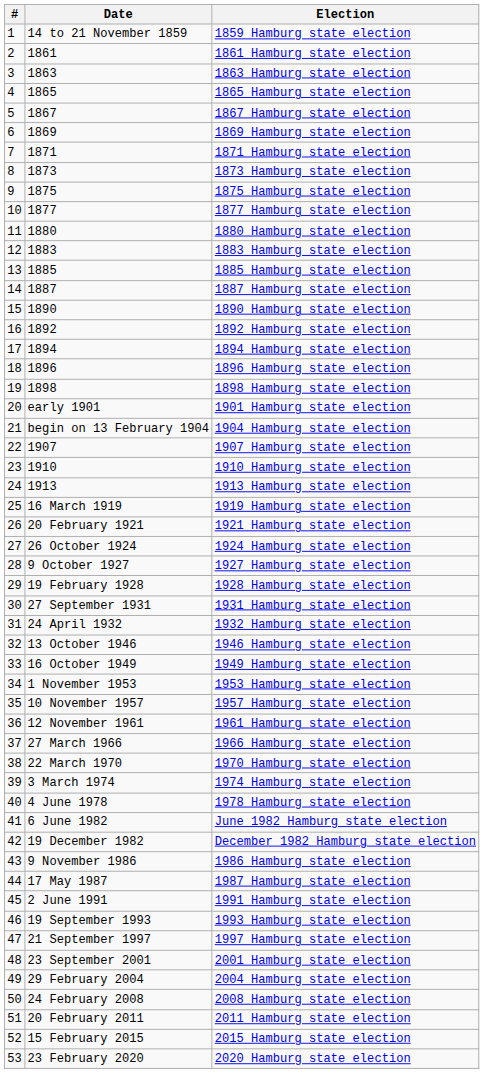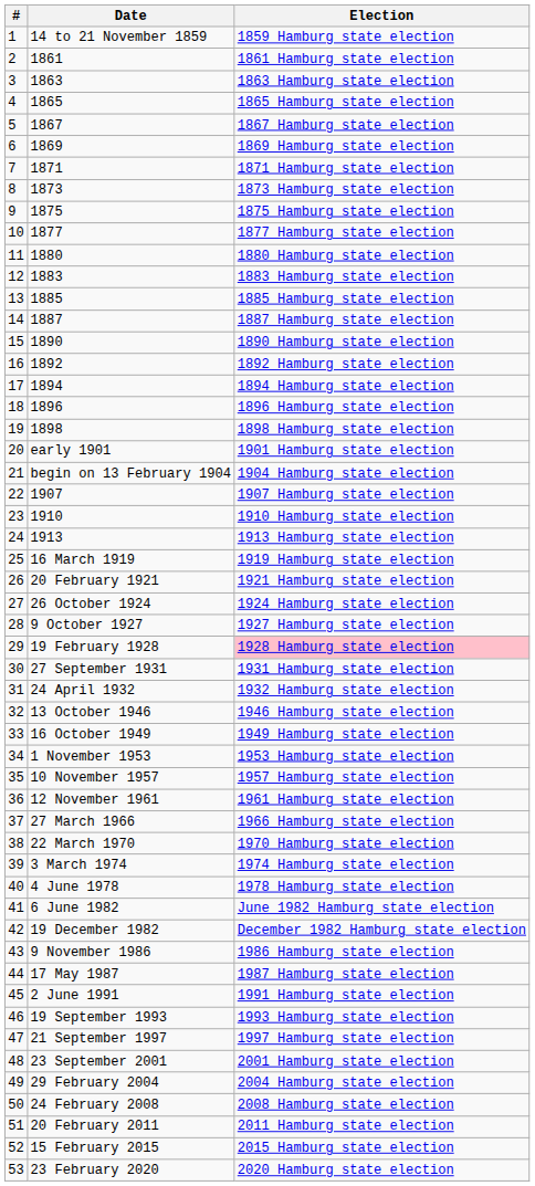 <table class="wikitable">
 <tr>
 <th>#</th>
 <th>Date</th>
 <th>Election</th>
 </tr>
 <tr>
 <td>1</td>
 <td>14 to 21 November 1859</td>
 <td><a href='#'>1859 Hamburg state election</a></td>
 </tr>
 <tr>
 <td>2</td>
 <td>1861</td>
 <td><a href='#'>1861 Hamburg state election</a></td>
 </tr>
 <tr>
 <td>3</td>
 <td>1863</td>
 <td><a href='#'>1863 Hamburg state election</a></td>
 </tr>
 <tr>
 <td>4</td>
 <td>1865</td>
 <td><a href='#'>1865 Hamburg state election</a></td>
 </tr>
 <tr>
 <td>5</td>
 <td>1867</td>
 <td><a href='#'>1867 Hamburg state election</a></td>
 </tr>
 <tr>
 <td>6</td>
 <td>1869</td>
 <td><a href='#'>1869 Hamburg state election</a></td>
 </tr>
 <tr>
 <td>7</td>
 <td>1871</td>
 <td><a href='#'>1871 Hamburg state election</a></td>
 </tr>
 <tr>
 <td>8</td>
 <td>1873</td>
 <td><a href='#'>1873 Hamburg state election</a></td>
 </tr>
 <tr>
 <td>9</td>
 <td>1875</td>
 <td><a href='#'>1875 Hamburg state election</a></td>
 </tr>
 <tr>
 <td>10</td>
 <td>1877</td>
 <td><a href='#'>1877 Hamburg state election</a></td>
 </tr>
 <tr>
 <td>11</td>
 <td>1880</td>
 <td><a href='#'>1880 Hamburg state election</a></td>
 </tr>
 <tr>
 <td>12</td>
 <td>1883</td>
 <td><a href='#'>1883 Hamburg state election</a></td>
 </tr>
 <tr>
 <td>13</td>
 <td>1885</td>
 <td><a href='#'>1885 Hamburg state election</a></td>
 </tr>
 <tr>
 <td>14</td>
 <td>1887</td>
 <td><a href='#'>1887 Hamburg state election</a></td>
 </tr>
 <tr>
 <td>15</td>
 <td>1890</td>
 <td><a href='#'>1890 Hamburg state election</a></td>
 </tr>
 <tr>
 <td>16</td>
 <td>1892</td>
 <td><a href='#'>1892 Hamburg state election</a></td>
 </tr>
 <tr>
 <td>17</td>
 <td>1894</td>
 <td><a href='#'>1894 Hamburg state election</a></td>
 </tr>
 <tr>
 <td>18</td>
 <td>1896</td>
 <td><a href='#'>1896 Hamburg state election</a></td>
 </tr>
 <tr>
 <td>19</td>
 <td>1898</td>
 <td><a href='#'>1898 Hamburg state election</a></td>
 </tr>
 <tr>
 <td>20</td>
 <td>early 1901</td>
 <td><a href='#'>1901 Hamburg state election</a></td>
 </tr>
 <tr>
 <td>21</td>
 <td>begin on 13 February 1904</td>
 <td><a href='#'>1904 Hamburg state election</a></td>
 </tr>
 <tr>
 <td>22</td>
 <td>1907</td>
 <td><a href='#'>1907 Hamburg state election</a></td>
 </tr>
 <tr>
 <td>23</td>
 <td>1910</td>
 <td><a href='#'>1910 Hamburg state election</a></td>
 </tr>
 <tr>
 <td>24</td>
 <td>1913</td>
 <td><a href='#'>1913 Hamburg state election</a></td>
 </tr>
 <tr>
 <td>25</td>
 <td>16 March 1919</td>
 <td><a href='#'>1919 Hamburg state election</a></td>
 </tr>
 <tr>
 <td>26</td>
 <td>20 February 1921</td>
 <td><a href='#'>1921 Hamburg state election</a></td>
 </tr>
 <tr>
 <td>27</td>
 <td>26 October 1924</td>
 <td><a href='#'>1924 Hamburg state election</a></td>
 </tr>
 <tr>
 <td>28</td>
 <td>9 October 1927</td>
 <td><a href='#'>1927 Hamburg state election</a></td>
 </tr>
 <tr>
 <td>29</td>
 <td>19 February 1928</td>
-<td><a href='#'>1928 Hamburg state election</a></td>
+<td style="background: pink;"><a href='#'>1928 Hamburg state election</a></td>
 </tr>
 <tr>
 <td>30</td>
 <td>27 September 1931</td>
 <td><a href='#'>1931 Hamburg state election</a></td>
 </tr>
 <tr>
 <td>31</td>
 <td>24 April 1932</td>
 <td><a href='#'>1932 Hamburg state election</a></td>
 </tr>
 <tr>
 <td>32</td>
 <td>13 October 1946</td>
 <td><a href='#'>1946 Hamburg state election</a></td>
 </tr>
 <tr>
 <td>33</td>
 <td>16 October 1949</td>
 <td><a href='#'>1949 Hamburg state election</a></td>
 </tr>
 <tr>
 <td>34</td>
 <td>1 November 1953</td>
 <td><a href='#'>1953 Hamburg state election</a></td>
 </tr>
 <tr>
 <td>35</td>
 <td>10 November 1957</td>
 <td><a href='#'>1957 Hamburg state election</a></td>
 </tr>
 <tr>
 <td>36</td>
 <td>12 November 1961</td>
 <td><a href='#'>1961 Hamburg state election</a></td>
 </tr>
 <tr>
 <td>37</td>
 <td>27 March 1966</td>
 <td><a href='#'>1966 Hamburg state election</a></td>
 </tr>
 <tr>
 <td>38</td>
 <td>22 March 1970</td>
 <td><a href='#'>1970 Hamburg state election</a></td>
 </tr>
 <tr>
 <td>39</td>
 <td>3 March 1974</td>
 <td><a href='#'>1974 Hamburg state election</a></td>
 </tr>
 <tr>
 <td>40</td>
 <td>4 June 1978</td>
 <td><a href='#'>1978 Hamburg state election</a></td>
 </tr>
 <tr>
 <td>41</td>
 <td>6 June 1982</td>
 <td><a href='#'>June 1982 Hamburg state election</a></td>
 </tr>
 <tr>
 <td>42</td>
 <td>19 December 1982</td>
 <td><a href='#'>December 1982 Hamburg state election</a></td>
 </tr>
 <tr>
 <td>43</td>
 <td>9 November 1986</td>
 <td><a href='#'>1986 Hamburg state election</a></td>
 </tr>
 <tr>
 <td>44</td>
 <td>17 May 1987</td>
 <td><a href='#'>1987 Hamburg state election</a></td>
 </tr>
 <tr>
 <td>45</td>
 <td>2 June 1991</td>
 <td><a href='#'>1991 Hamburg state election</a></td>
 </tr>
 <tr>
 <td>46</td>
 <td>19 September 1993</td>
 <td><a href='#'>1993 Hamburg state election</a></td>
 </tr>
 <tr>
 <td>47</td>
 <td>21 September 1997</td>
 <td><a href='#'>1997 Hamburg state election</a></td>
 </tr>
 <tr>
 <td>48</td>
 <td>23 September 2001</td>
 <td><a href='#'>2001 Hamburg state election</a></td>
 </tr>
 <tr>
 <td>49</td>
 <td>29 February 2004</td>
 <td><a href='#'>2004 Hamburg state election</a></td>
 </tr>
 <tr>
 <td>50</td>
 <td>24 February 2008</td>
 <td><a href='#'>2008 Hamburg state election</a></td>
 </tr>
 <tr>
 <td>51</td>
 <td>20 February 2011</td>
 <td><a href='#'>2011 Hamburg state election</a></td>
 </tr>
 <tr>
 <td>52</td>
 <td>15 February 2015</td>
 <td><a href='#'>2015 Hamburg state election</a></td>
 </tr>
 <tr>
 <td>53</td>
 <td>23 February 2020</td>
 <td><a href='#'>2020 Hamburg state election</a></td>
 </tr>
 </table>
